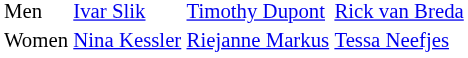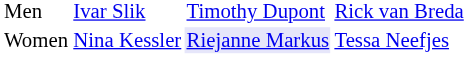 <table>
 <tr>
 <td align="left">Men</td>
 <td> <a href='#'>Ivar Slik</a></td>
 <td> <a href='#'>Timothy Dupont</a></td>
 <td> <a href='#'>Rick van Breda</a></td>
 </tr>
 <tr>
 <td align="left">Women</td>
 <td> <a href='#'>Nina Kessler</a></td>
-<td> <a href='#'>Riejanne Markus</a></td>
+<td style="background: lavender;"> <a href='#'>Riejanne Markus</a></td>
 <td> <a href='#'>Tessa Neefjes</a></td>
 </tr>
 </table>
